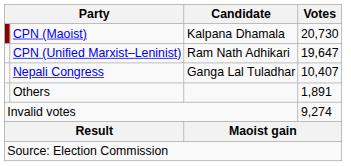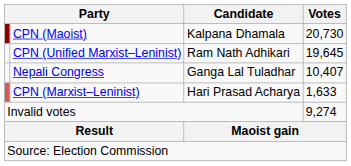 <table class="wikitable">
 <tr>
 <th colspan="2">Party</th>
 <th>Candidate</th>
 <th>Votes</th>
 </tr>
 <tr>
 <td style="background-color:darkred"></td>
 <td><a href='#'>CPN (Maoist)</a></td>
 <td>Kalpana Dhamala</td>
 <td>20,730</td>
 </tr>
 <tr>
 <td style="background-color:"></td>
 <td><a href='#'>CPN (Unified Marxist–Leninist)</a></td>
 <td>Ram Nath Adhikari</td>
-<td>19,647</td>
+<td>19,645</td>
 </tr>
 <tr>
 <td style="background-color:"></td>
 <td><a href='#'>Nepali Congress</a></td>
 <td>Ganga Lal Tuladhar</td>
 <td>10,407</td>
 </tr>
 <tr>
-<td></td>
-<td>Others</td>
-<td></td>
-<td>1,891</td>
+<td style="background-color:indianred"></td>
+<td><a href='#'>CPN (Marxist–Leninist)</a></td>
+<td>Hari Prasad Acharya</td>
+<td>1,633</td>
 </tr>
 <tr>
 <td colspan="3">Invalid votes</td>
 <td>9,274</td>
 </tr>
 <tr>
 <th colspan="2">Result</th>
 <th colspan="2">Maoist gain</th>
 </tr>
 <tr>
 <td colspan="4">Source: Election Commission</td>
 </tr>
 </table>
